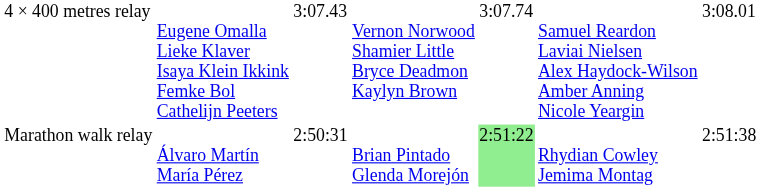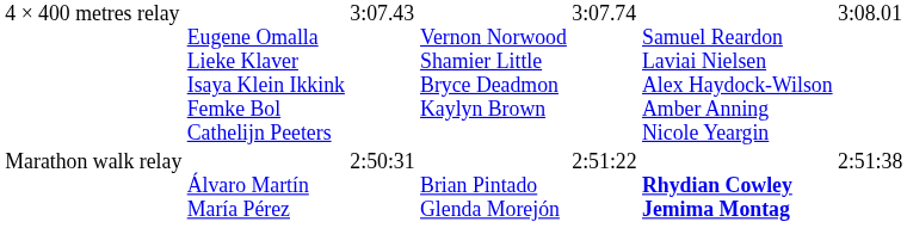 <table>
 <tr valign=top>
 <td>4 × 400 metres relay<br></td>
 <td><br><a href='#'>Eugene Omalla</a><br><a href='#'>Lieke Klaver</a><br><a href='#'>Isaya Klein Ikkink</a><br><a href='#'>Femke Bol</a><br><a href='#'>Cathelijn Peeters</a></td>
 <td>3:07.43 <strong></strong></td>
 <td><br><a href='#'>Vernon Norwood</a><br><a href='#'>Shamier Little</a><br><a href='#'>Bryce Deadmon</a><br><a href='#'>Kaylyn Brown</a></td>
 <td>3:07.74</td>
 <td><br><a href='#'>Samuel Reardon</a><br><a href='#'>Laviai Nielsen</a><br><a href='#'>Alex Haydock-Wilson</a><br><a href='#'>Amber Anning</a><br><a href='#'>Nicole Yeargin</a></td>
 <td>3:08.01 <strong></strong></td>
 </tr>
 <tr valign=top>
 <td>Marathon walk relay<br></td>
 <td><br><a href='#'>Álvaro Martín</a><br><a href='#'>María Pérez</a></td>
 <td>2:50:31</td>
 <td><br><a href='#'>Brian Pintado</a><br><a href='#'>Glenda Morejón</a></td>
-<td style="background: lightgreen;">2:51:22</td>
-<td><br><a href='#'>Rhydian Cowley</a><br><a href='#'>Jemima Montag</a></td>
+<td>2:51:22</td>
+<td><strong><br><a href='#'>Rhydian Cowley</a><br><a href='#'>Jemima Montag</a></strong></td>
 <td>2:51:38</td>
 </tr>
 </table>
